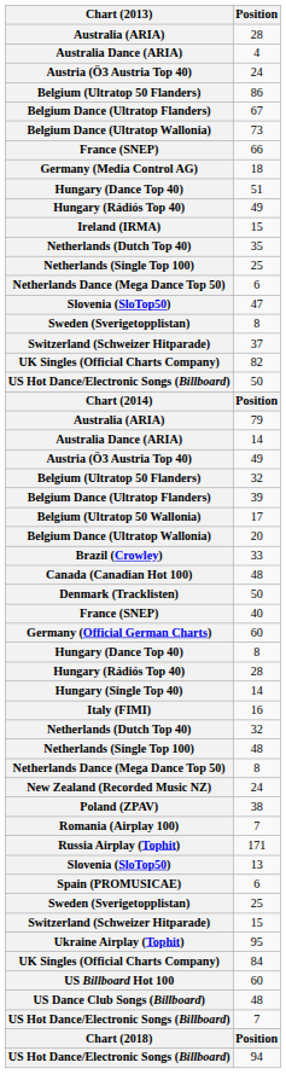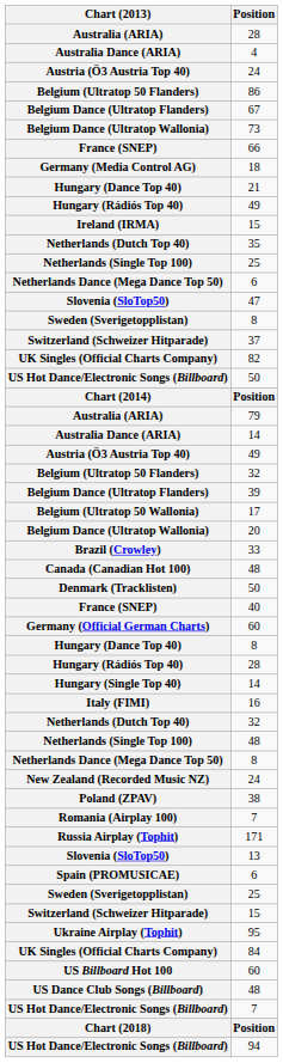 <table class="wikitable sortable plainrowheaders" style="text-align:center">
 <tr>
 <th scope="col">Chart (2013)</th>
 <th scope="col">Position</th>
 </tr>
 <tr>
 <th scope="row">Australia (ARIA)</th>
 <td>28</td>
 </tr>
 <tr>
 <th scope="row">Australia Dance (ARIA)</th>
 <td>4</td>
 </tr>
 <tr>
 <th scope="row">Austria (Ö3 Austria Top 40)</th>
 <td style="text-align:center;">24</td>
 </tr>
 <tr>
 <th scope="row">Belgium (Ultratop 50 Flanders)</th>
 <td>86</td>
 </tr>
 <tr>
 <th scope="row">Belgium Dance (Ultratop Flanders)</th>
 <td>67</td>
 </tr>
 <tr>
 <th scope="row">Belgium Dance (Ultratop Wallonia)</th>
 <td>73</td>
 </tr>
 <tr>
 <th scope="row">France (SNEP)</th>
 <td>66</td>
 </tr>
 <tr>
 <th scope="row">Germany (Media Control AG)</th>
 <td style="text-align:center;">18</td>
 </tr>
 <tr>
 <th scope="row">Hungary (Dance Top 40)</th>
-<td>51</td>
+<td>21</td>
 </tr>
 <tr>
 <th scope="row">Hungary (Rádiós Top 40)</th>
 <td align="center">49</td>
 </tr>
 <tr>
 <th scope="row">Ireland (IRMA)</th>
 <td align="center">15</td>
 </tr>
 <tr>
 <th scope="row">Netherlands (Dutch Top 40)</th>
 <td>35</td>
 </tr>
 <tr>
 <th scope="row">Netherlands (Single Top 100)</th>
 <td>25</td>
 </tr>
 <tr>
 <th scope="row">Netherlands Dance (Mega Dance Top 50)</th>
 <td>6</td>
 </tr>
 <tr>
 <th scope="row">Slovenia (<a href='#'>SloTop50</a>)</th>
 <td align=center>47</td>
 </tr>
 <tr>
 <th scope="row">Sweden (Sverigetopplistan)</th>
 <td>8</td>
 </tr>
 <tr>
 <th scope="row">Switzerland (Schweizer Hitparade)</th>
 <td>37</td>
 </tr>
 <tr>
 <th scope="row">UK Singles (Official Charts Company)</th>
 <td align="center">82</td>
 </tr>
 <tr>
 <th scope="row">US Hot Dance/Electronic Songs (<em>Billboard</em>)</th>
 <td>50</td>
 </tr>
 <tr>
 <th scope="col">Chart (2014)</th>
 <th scope="col">Position</th>
 </tr>
 <tr>
 <th scope="row">Australia (ARIA)</th>
 <td>79</td>
 </tr>
 <tr>
 <th scope="row">Australia Dance (ARIA)</th>
 <td>14</td>
 </tr>
 <tr>
 <th scope="row">Austria (Ö3 Austria Top 40)</th>
 <td>49</td>
 </tr>
 <tr>
 <th scope="row">Belgium (Ultratop 50 Flanders)</th>
 <td>32</td>
 </tr>
 <tr>
 <th scope="row">Belgium Dance (Ultratop Flanders)</th>
 <td>39</td>
 </tr>
 <tr>
 <th scope="row">Belgium (Ultratop 50 Wallonia)</th>
 <td>17</td>
 </tr>
 <tr>
 <th scope="row">Belgium Dance (Ultratop Wallonia)</th>
 <td>20</td>
 </tr>
 <tr>
 <th scope="row">Brazil (<a href='#'>Crowley</a>)</th>
 <td>33</td>
 </tr>
 <tr>
 <th scope="row">Canada (Canadian Hot 100)</th>
 <td>48</td>
 </tr>
 <tr>
 <th scope="row">Denmark (Tracklisten)</th>
 <td style="text-align:center;">50</td>
 </tr>
 <tr>
 <th scope="row">France (SNEP)</th>
 <td>40</td>
 </tr>
 <tr>
 <th scope="row">Germany (<a href='#'>Official German Charts</a>)</th>
 <td style="text-align:center;">60</td>
 </tr>
 <tr>
 <th scope="row">Hungary (Dance Top 40)</th>
 <td>8</td>
 </tr>
 <tr>
 <th scope="row">Hungary (Rádiós Top 40)</th>
 <td>28</td>
 </tr>
 <tr>
 <th scope="row">Hungary (Single Top 40)</th>
 <td>14</td>
 </tr>
 <tr>
 <th scope="row">Italy (FIMI)</th>
 <td style="text-align:center;">16</td>
 </tr>
 <tr>
 <th scope="row">Netherlands (Dutch Top 40)</th>
 <td>32</td>
 </tr>
 <tr>
 <th scope="row">Netherlands (Single Top 100)</th>
 <td>48</td>
 </tr>
 <tr>
 <th scope="row">Netherlands Dance (Mega Dance Top 50)</th>
 <td>8</td>
 </tr>
 <tr>
 <th scope="row">New Zealand (Recorded Music NZ)</th>
 <td>24</td>
 </tr>
 <tr>
 <th scope="row">Poland (ZPAV)</th>
 <td style="text-align:center;">38</td>
 </tr>
 <tr>
 <th scope="row">Romania (Airplay 100)</th>
 <td style="text-align:center;">7</td>
 </tr>
 <tr>
 <th scope="row">Russia Airplay (<a href='#'>Tophit</a>)</th>
 <td style="text-align:center;">171</td>
 </tr>
 <tr>
 <th scope="row">Slovenia (<a href='#'>SloTop50</a>)</th>
 <td align=center>13</td>
 </tr>
 <tr>
 <th scope="row">Spain (PROMUSICAE)</th>
 <td>6</td>
 </tr>
 <tr>
 <th scope="row">Sweden (Sverigetopplistan)</th>
 <td>25</td>
 </tr>
 <tr>
 <th scope="row">Switzerland (Schweizer Hitparade)</th>
 <td>15</td>
 </tr>
 <tr>
 <th scope="row">Ukraine Airplay (<a href='#'>Tophit</a>)</th>
 <td style="text-align:center;">95</td>
 </tr>
 <tr>
 <th scope="row">UK Singles (Official Charts Company)</th>
 <td style="text-align:center;">84</td>
 </tr>
 <tr>
 <th scope="row">US <em>Billboard</em> Hot 100</th>
 <td>60</td>
 </tr>
 <tr>
 <th scope="row">US Dance Club Songs (<em>Billboard</em>)</th>
 <td>48</td>
 </tr>
 <tr>
 <th scope="row">US Hot Dance/Electronic Songs (<em>Billboard</em>)</th>
 <td>7</td>
 </tr>
 <tr>
 <th scope="col">Chart (2018)</th>
 <th scope="col">Position</th>
 </tr>
 <tr>
 <th scope="row">US Hot Dance/Electronic Songs (<em>Billboard</em>)</th>
 <td>94</td>
 </tr>
 </table>
